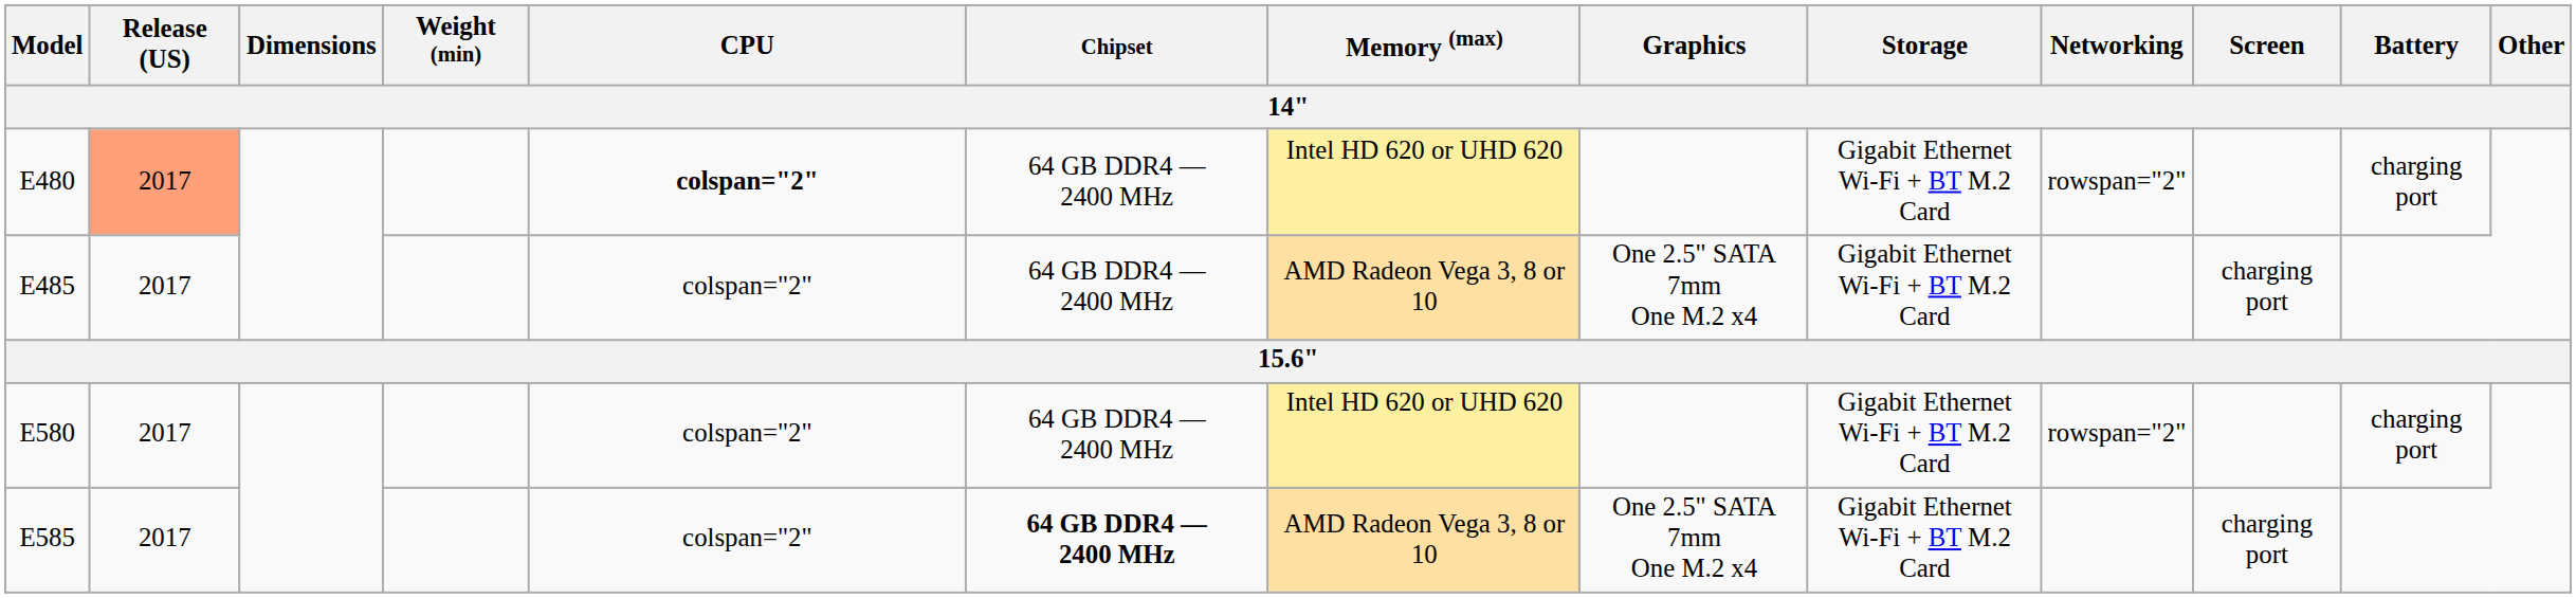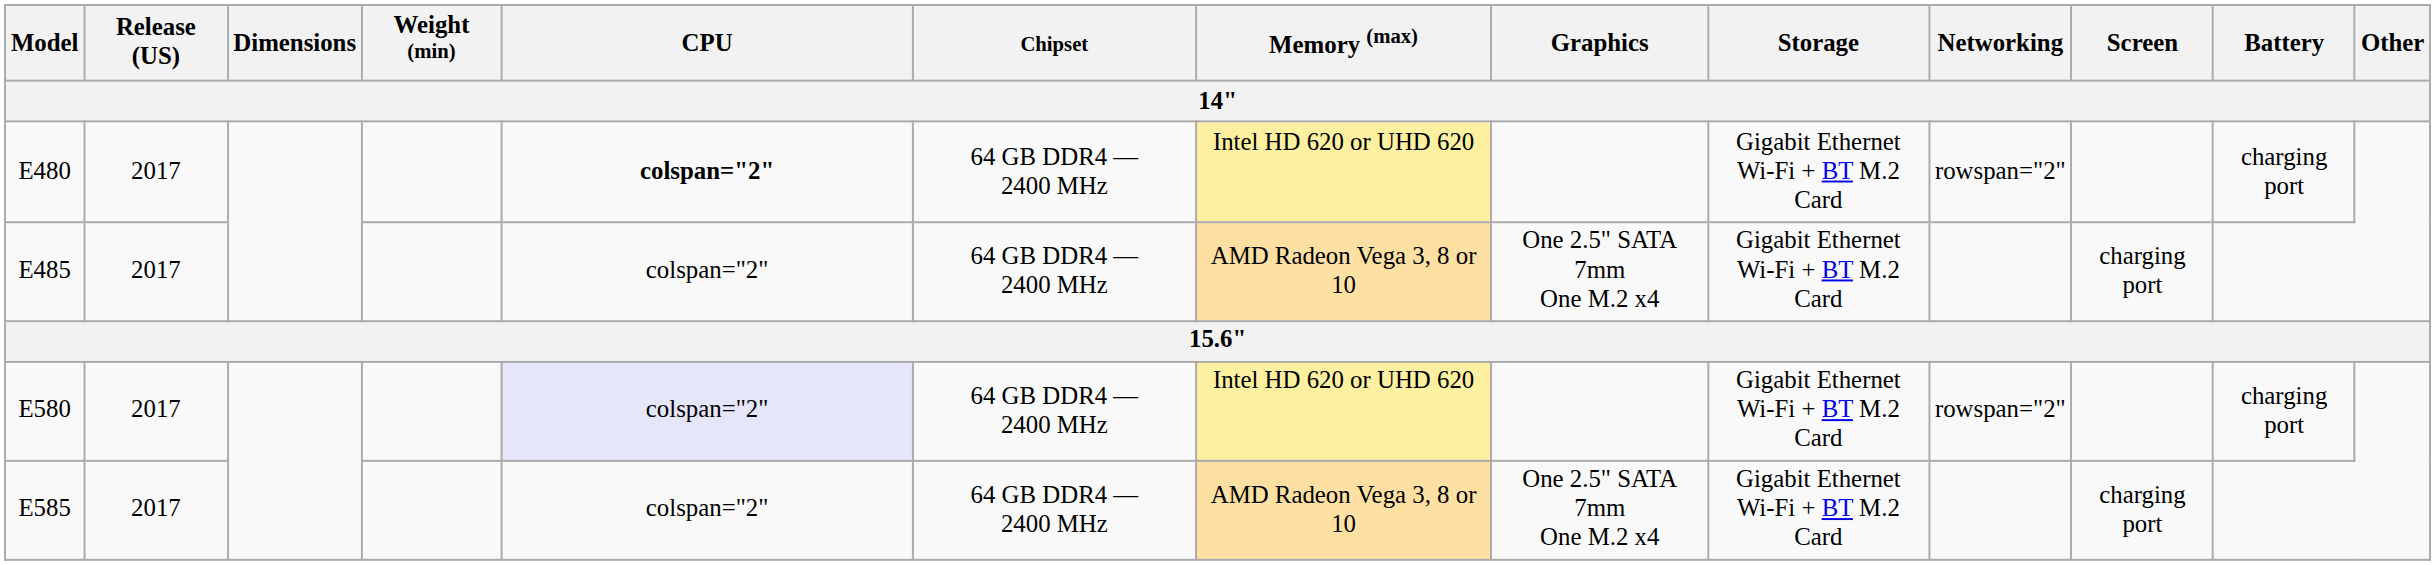 <table class="wikitable" style="font-size: 80%; text-align: center; min-width: 80%;">
 <tr>
 <th>Model</th>
 <th>Release (US)</th>
 <th>Dimensions</th>
 <th>Weight <sup>(min)</sup></th>
 <th style="width:17%">CPU</th>
 <th><small>Chipset</small></th>
 <th>Memory <sup>(max)</sup></th>
 <th>Graphics</th>
 <th>Storage</th>
 <th>Networking</th>
 <th>Screen</th>
 <th>Battery</th>
 <th>Other</th>
 </tr>
 <tr>
 <th colspan="13">14"</th>
 </tr>
 <tr>
 <td>E480</td>
-<td style="background: lightsalmon;">2017</td>
+<td>2017</td>
 <td rowspan="2"></td>
 <td></td>
 <td><strong>colspan="2" </strong></td>
 <td style="background:">64 GB DDR4 — 2400 MHz<br></td>
 <td style="background:#fdf1a1;">Intel HD 620 or UHD 620<br><br><br></td>
 <td></td>
 <td>Gigabit Ethernet<br>Wi-Fi + <a href='#'>BT</a> M.2 Card</td>
 <td>rowspan="2" </td>
 <td></td>
 <td> charging port</td>
 </tr>
 <tr>
 <td>E485</td>
 <td>2017</td>
 <td></td>
 <td>colspan="2" </td>
 <td style="background:">64 GB DDR4 — 2400 MHz<br></td>
 <td style="background:#fee0a3;">AMD Radeon Vega 3, 8 or 10</td>
 <td style="background:">One 2.5" SATA 7mm<br>One M.2 x4</td>
 <td>Gigabit Ethernet<br>Wi-Fi + <a href='#'>BT</a> M.2 Card</td>
 <td></td>
 <td> charging port</td>
 </tr>
 <tr>
 <th colspan="13">15.6"</th>
 </tr>
 <tr>
 <td>E580</td>
 <td>2017</td>
 <td rowspan="2"></td>
 <td></td>
-<td>colspan="2" </td>
+<td style="background: lavender;">colspan="2" </td>
 <td style="background:">64 GB DDR4 — 2400 MHz<br></td>
 <td style="background:#fdf1a1;">Intel HD 620 or UHD 620<br><br><br></td>
 <td></td>
 <td>Gigabit Ethernet<br>Wi-Fi + <a href='#'>BT</a> M.2 Card</td>
 <td>rowspan="2" </td>
 <td></td>
 <td> charging port</td>
 </tr>
 <tr>
 <td>E585</td>
 <td>2017</td>
 <td></td>
 <td>colspan="2" </td>
-<td style="background:"><strong>64 GB DDR4 — 2400 MHz<br></strong></td>
+<td style="background:">64 GB DDR4 — 2400 MHz<br></td>
 <td style="background:#fee0a3;">AMD Radeon Vega 3, 8 or 10</td>
 <td style="background:">One 2.5" SATA 7mm<br>One M.2 x4</td>
 <td>Gigabit Ethernet<br>Wi-Fi + <a href='#'>BT</a> M.2 Card</td>
 <td></td>
 <td> charging port</td>
 </tr>
 </table>
